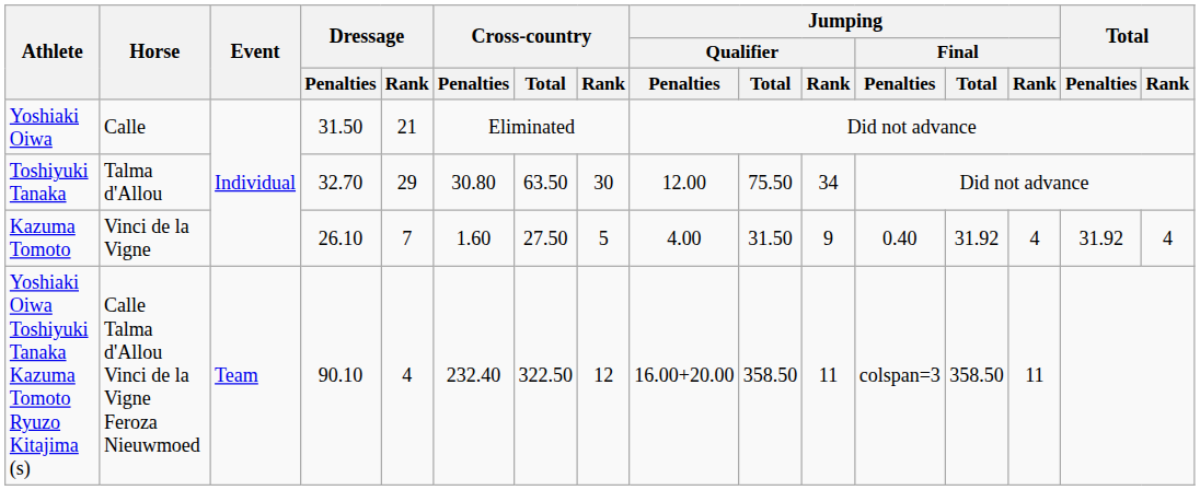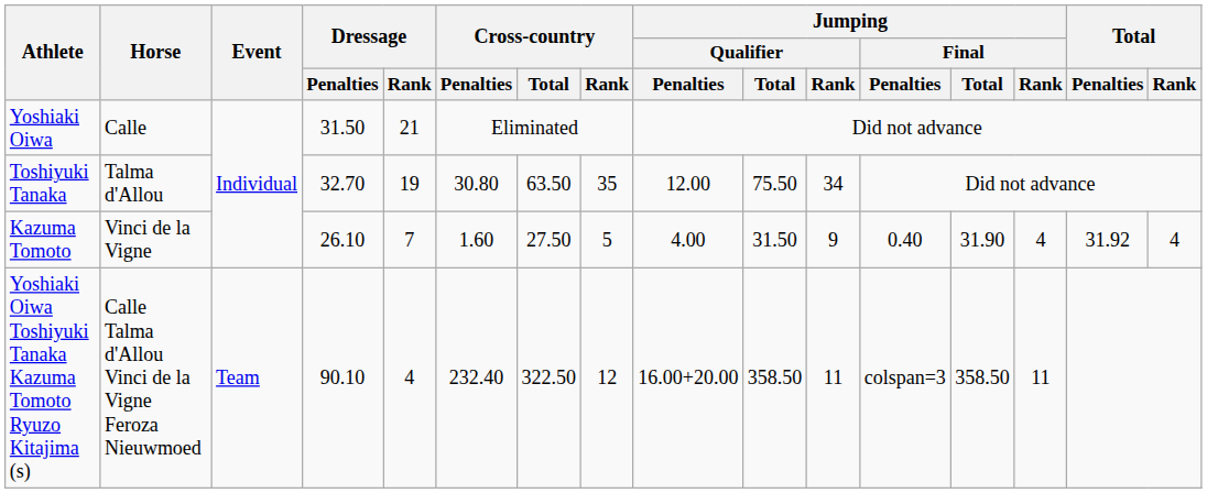 <table class=wikitable style="font-size:90%">
 <tr>
 <th rowspan="3">Athlete</th>
 <th rowspan="3">Horse</th>
 <th rowspan="3">Event</th>
 <th colspan="2" rowspan="2">Dressage</th>
 <th colspan="3" rowspan="2">Cross-country</th>
 <th colspan="6">Jumping</th>
 <th colspan="2" rowspan="2">Total</th>
 </tr>
 <tr style="font-size:95%">
 <th colspan="3">Qualifier</th>
 <th colspan="3">Final</th>
 </tr>
 <tr style="font-size:95%">
 <th>Penalties</th>
 <th>Rank</th>
 <th>Penalties</th>
 <th>Total</th>
 <th>Rank</th>
 <th>Penalties</th>
 <th>Total</th>
 <th>Rank</th>
 <th>Penalties</th>
 <th>Total</th>
 <th>Rank</th>
 <th>Penalties</th>
 <th>Rank</th>
 </tr>
 <tr align=center>
 <td align=left><a href='#'>Yoshiaki Oiwa</a></td>
 <td align=left>Calle</td>
 <td rowspan=3 align=left><a href='#'>Individual</a></td>
 <td>31.50</td>
 <td>21</td>
 <td colspan="3">Eliminated</td>
 <td colspan="8">Did not advance</td>
 </tr>
 <tr align=center>
 <td align=left><a href='#'>Toshiyuki Tanaka</a></td>
 <td align=left>Talma d'Allou</td>
 <td>32.70</td>
-<td>29</td>
+<td>19</td>
 <td>30.80</td>
 <td>63.50</td>
-<td>30</td>
+<td>35</td>
 <td>12.00</td>
 <td>75.50</td>
 <td>34</td>
 <td colspan="5">Did not advance</td>
 </tr>
 <tr align=center>
 <td align=left><a href='#'>Kazuma Tomoto</a></td>
 <td align=left>Vinci de la Vigne</td>
 <td>26.10</td>
 <td>7</td>
 <td>1.60</td>
 <td>27.50</td>
 <td>5</td>
 <td>4.00</td>
 <td>31.50</td>
 <td>9</td>
 <td>0.40</td>
-<td>31.92</td>
+<td>31.90</td>
 <td>4</td>
 <td>31.92</td>
 <td>4</td>
 </tr>
 <tr align="center">
 <td align="left"><a href='#'>Yoshiaki Oiwa</a><br><a href='#'>Toshiyuki Tanaka</a><br><a href='#'>Kazuma Tomoto</a><br><a href='#'>Ryuzo Kitajima</a> (s)</td>
 <td align="left">Calle<br>Talma d'Allou<br>Vinci de la Vigne<br>Feroza Nieuwmoed</td>
 <td align="left"><a href='#'>Team</a></td>
 <td>90.10</td>
 <td>4</td>
 <td>232.40</td>
 <td>322.50</td>
 <td>12</td>
 <td>16.00+20.00</td>
 <td>358.50</td>
 <td>11</td>
 <td>colspan=3 </td>
 <td>358.50</td>
 <td>11</td>
 </tr>
 </table>
